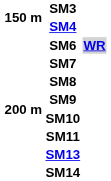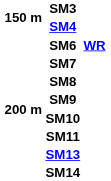 <table>
 <tr>
 <th rowspan=2>150 m</th>
 <th>SM3</th>
 <td></td>
 <td></td>
 <td></td>
 </tr>
 <tr>
 <th><a href='#'>SM4</a></th>
 <td></td>
 <td></td>
 <td></td>
 </tr>
 <tr>
 <th rowspan=8>200 m</th>
 <th>SM6</th>
-<td style="background: lightgrey;">  <strong><a href='#'>WR</a></strong></td>
+<td>  <strong><a href='#'>WR</a></strong></td>
 <td></td>
 <td></td>
 </tr>
 <tr>
 <th>SM7</th>
 <td></td>
 <td></td>
 <td></td>
 </tr>
 <tr>
 <th>SM8</th>
 <td></td>
 <td></td>
 <td></td>
 </tr>
 <tr>
 <th>SM9</th>
 <td></td>
 <td></td>
 <td></td>
 </tr>
 <tr>
 <th>SM10</th>
 <td></td>
 <td></td>
 <td></td>
 </tr>
 <tr>
 <th>SM11</th>
 <td></td>
 <td></td>
 <td></td>
 </tr>
 <tr>
 <th><a href='#'>SM13</a></th>
 <td></td>
 <td></td>
 <td></td>
 </tr>
 <tr>
 <th>SM14</th>
 <td></td>
 <td></td>
 <td></td>
 </tr>
 </table>
